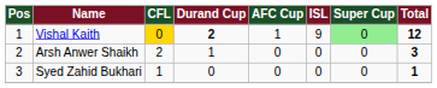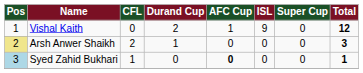 <table class="wikitable" margin-left:1em;float:center>
 <tr>
 <th style="background:#1A5026; color:white; text-align:center;">Pos</th>
 <th style="background:#7A1024; color:white; text-align:center;">Name</th>
 <th style="background:#1A5026; color:white; text-align:center;">CFL</th>
 <th style="background:#7A1024; color:white; text-align:center;">Durand Cup</th>
 <th style="background:#1A5026; color:white; text-align:center;">AFC Cup</th>
 <th style="background:#7A1024; color:white; text-align:center;">ISL</th>
 <th style="background:#1A5026; color:white; text-align:center;">Super Cup</th>
 <th style="background:#7A1024; color:white; text-align:center;">Total</th>
 </tr>
 <tr>
 <td rowspan="1"style="text-align:center">1</td>
 <td> <a href='#'>Vishal Kaith</a></td>
-<td style="background: gold; text-align:center">0</td>
-<td style="text-align:center"><strong>2</strong></td>
+<td style="text-align:center">0</td>
+<td style="text-align:center">2</td>
 <td style="text-align:center">1</td>
 <td style="text-align:center">9</td>
-<td style="background: lightgreen; text-align:center">0</td>
+<td style="text-align:center">0</td>
 <td style="text-align:center"><strong>12</strong></td>
 </tr>
 <tr>
-<td rowspan="1"style="text-align:center">2</td>
+<td rowspan="1"style="background: khaki; text-align:center">2</td>
 <td> Arsh Anwer Shaikh</td>
 <td style="text-align:center">2</td>
 <td style="text-align:center">1</td>
 <td style="text-align:center">0</td>
 <td style="text-align:center">0</td>
 <td style="text-align:center">0</td>
 <td style="text-align:center"><strong>3</strong></td>
 </tr>
 <tr>
-<td rowspan="1"style="text-align:center">3</td>
+<td rowspan="1"style="background: lightblue; text-align:center">3</td>
 <td> Syed Zahid Bukhari</td>
 <td style="text-align:center">1</td>
 <td style="text-align:center">0</td>
-<td style="text-align:center">0</td>
+<td style="text-align:center"><strong>0</strong></td>
 <td style="text-align:center">0</td>
 <td style="text-align:center">0</td>
 <td style="text-align:center"><strong>1</strong></td>
 </tr>
 <tr>
 </tr>
 </table>
